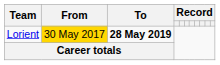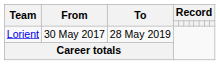 <table class="wikitable" style="text-align:center">
 <tr>
 <th rowspan=2>Team</th>
 <th rowspan=2>From</th>
 <th rowspan=2>To</th>
 <th colspan=8>Record</th>
 </tr>
 <tr>
 <th></th>
 <th></th>
 <th></th>
 <th></th>
 <th></th>
 <th></th>
 <th></th>
 <th></th>
 </tr>
 <tr>
 <td><a href='#'>Lorient</a></td>
-<td style="background: gold;">30 May 2017</td>
-<td><strong>28 May 2019<br></strong></td>
+<td>30 May 2017</td>
+<td>28 May 2019<br></td>
 </tr>
 <tr>
 <th colspan=3>Career totals<br></th>
 </tr>
 </table>
